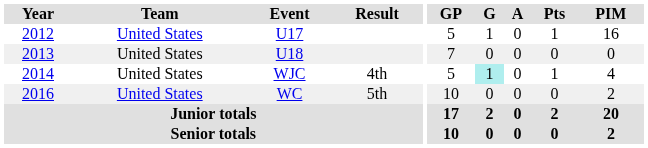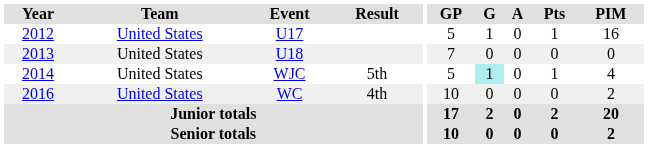 <table border="0" cellpadding="1" cellspacing="0" ID="Table3" style="text-align:center; width:40em">
 <tr ALIGN="center" bgcolor="#e0e0e0">
 <th>Year</th>
 <th>Team</th>
 <th>Event</th>
 <th>Result</th>
 <th rowspan="99" bgcolor="#ffffff"></th>
 <th>GP</th>
 <th>G</th>
 <th>A</th>
 <th>Pts</th>
 <th>PIM</th>
 </tr>
 <tr>
 <td><a href='#'>2012</a></td>
 <td><a href='#'>United States</a></td>
 <td><a href='#'>U17</a></td>
 <td></td>
 <td>5</td>
 <td>1</td>
 <td>0</td>
 <td>1</td>
 <td>16</td>
 </tr>
 <tr bgcolor="#f0f0f0">
 <td><a href='#'>2013</a></td>
 <td>United States</td>
 <td><a href='#'>U18</a></td>
 <td></td>
 <td>7</td>
 <td>0</td>
 <td>0</td>
 <td>0</td>
 <td>0</td>
 </tr>
 <tr>
 <td><a href='#'>2014</a></td>
 <td>United States</td>
 <td><a href='#'>WJC</a></td>
-<td>4th</td>
+<td>5th</td>
 <td>5</td>
 <td style="background: paleturquoise;">1</td>
 <td>0</td>
 <td>1</td>
 <td>4</td>
 </tr>
 <tr bgcolor="#f0f0f0">
 <td><a href='#'>2016</a></td>
 <td><a href='#'>United States</a></td>
 <td><a href='#'>WC</a></td>
-<td>5th</td>
+<td>4th</td>
 <td>10</td>
 <td>0</td>
 <td>0</td>
 <td>0</td>
 <td>2</td>
 </tr>
 <tr bgcolor="#e0e0e0">
 <th colspan="4">Junior totals</th>
 <th>17</th>
 <th>2</th>
 <th>0</th>
 <th>2</th>
 <th>20</th>
 </tr>
 <tr bgcolor="#e0e0e0">
 <th colspan="4">Senior totals</th>
 <th>10</th>
 <th>0</th>
 <th>0</th>
 <th>0</th>
 <th>2</th>
 </tr>
 </table>
